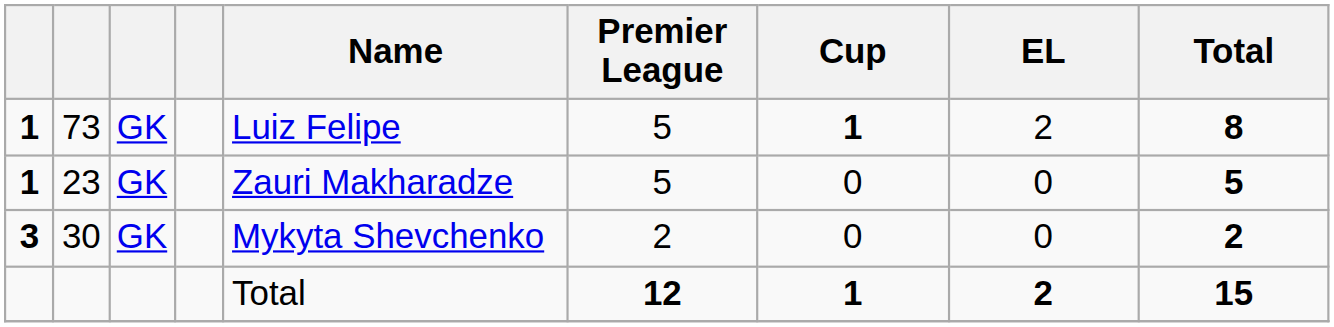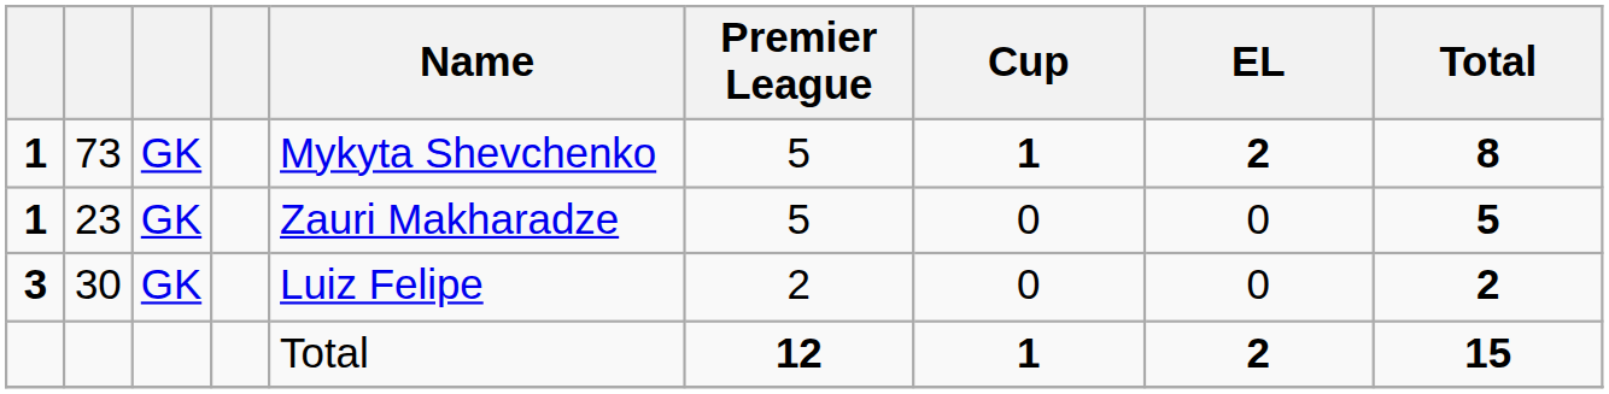 <table class="wikitable" style="text-align:center">
 <tr>
 <th width=15></th>
 <th width=15></th>
 <th width=15></th>
 <th width=15></th>
 <th width=150>Name</th>
 <th width=80><strong>Premier League</strong></th>
 <th width=80><strong>Cup</strong></th>
 <th width=80><strong>EL</strong></th>
 <th width=80>Total</th>
 </tr>
 <tr>
 <td><strong>1</strong></td>
 <td>73</td>
 <td><a href='#'>GK</a></td>
 <td></td>
-<td align=left><a href='#'>Luiz Felipe</a></td>
+<td align=left><a href='#'>Mykyta Shevchenko</a></td>
 <td>5</td>
 <td><strong>1</strong></td>
-<td>2</td>
+<td><strong>2</strong></td>
 <td><strong>8</strong></td>
 </tr>
 <tr>
 <td><strong>1</strong></td>
 <td>23</td>
 <td><a href='#'>GK</a></td>
 <td></td>
 <td align=left><a href='#'>Zauri Makharadze</a></td>
 <td>5</td>
 <td>0</td>
 <td>0</td>
 <td><strong>5</strong></td>
 </tr>
 <tr>
 <td><strong>3</strong></td>
 <td>30</td>
 <td><a href='#'>GK</a></td>
 <td></td>
-<td align=left><a href='#'>Mykyta Shevchenko</a></td>
+<td align=left><a href='#'>Luiz Felipe</a></td>
 <td>2</td>
 <td>0</td>
 <td>0</td>
 <td><strong>2</strong></td>
 </tr>
 <tr>
 <td></td>
 <td></td>
 <td></td>
 <td></td>
 <td align=left>Total</td>
 <td><strong>12</strong></td>
 <td><strong>1</strong></td>
 <td><strong>2</strong></td>
 <td><strong>15</strong></td>
 </tr>
 <tr>
 </tr>
 </table>
